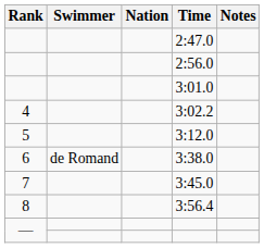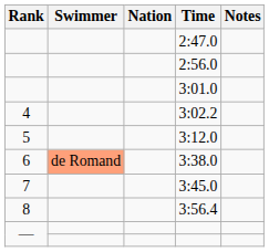 <table class="wikitable sortable" style="text-align:center">
 <tr>
 <th>Rank</th>
 <th>Swimmer</th>
 <th>Nation</th>
 <th>Time</th>
 <th>Notes</th>
 </tr>
 <tr>
 <td></td>
 <td align=left></td>
 <td align=left></td>
 <td>2:47.0</td>
 <td></td>
 </tr>
 <tr>
 <td></td>
 <td align=left></td>
 <td align=left></td>
 <td>2:56.0</td>
 <td></td>
 </tr>
 <tr>
 <td></td>
 <td align=left></td>
 <td align=left></td>
 <td>3:01.0</td>
 <td></td>
 </tr>
 <tr>
 <td>4</td>
 <td align=left></td>
 <td align=left></td>
 <td>3:02.2</td>
 <td></td>
 </tr>
 <tr>
 <td>5</td>
 <td align=left></td>
 <td align=left></td>
 <td>3:12.0</td>
 <td></td>
 </tr>
 <tr>
 <td>6</td>
-<td align=left>de Romand</td>
+<td align=left style="background: lightsalmon;">de Romand</td>
 <td align=left></td>
 <td>3:38.0</td>
 <td></td>
 </tr>
 <tr>
 <td>7</td>
 <td align=left></td>
 <td align=left></td>
 <td>3:45.0</td>
 <td></td>
 </tr>
 <tr>
 <td>8</td>
 <td align=left></td>
 <td align=left></td>
 <td>3:56.4</td>
 <td></td>
 </tr>
 <tr>
 <td rowspan=2 data-sort-value=9>—</td>
 <td align=left></td>
 <td align=left></td>
 <td data-sort-value=9:99.9></td>
 <td></td>
 </tr>
 <tr>
 <td align=left></td>
 <td align=left></td>
 <td data-sort-value=9:99.9></td>
 <td></td>
 </tr>
 </table>
